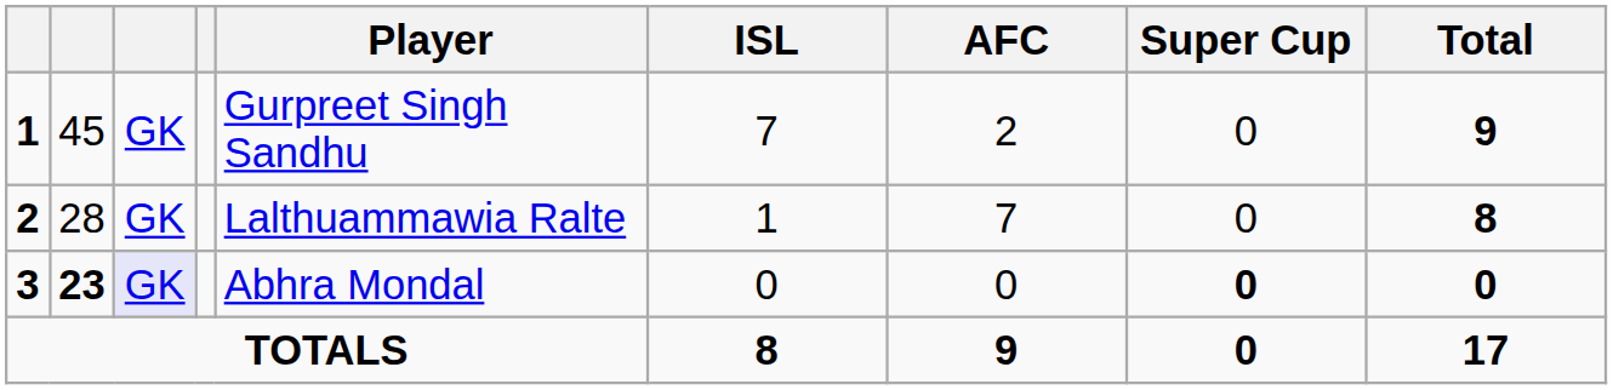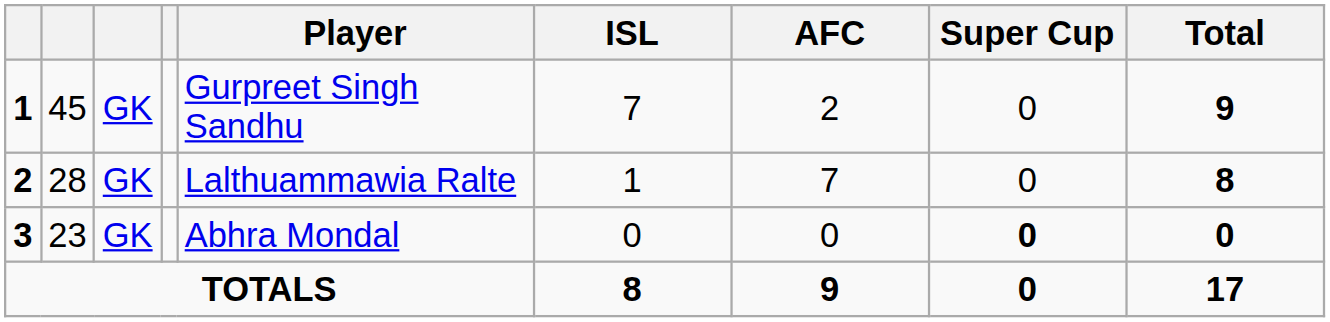 <table class="wikitable" style="font-size: 95%; text-align: center;">
 <tr>
 <th rowspan="1" !width=15></th>
 <th rowspan="1" !width=15></th>
 <th rowspan="1" !width=15></th>
 <th rowspan="1" !width=15></th>
 <th width=150>Player</th>
 <th width=80>ISL</th>
 <th width=80>AFC</th>
 <th width=80>Super Cup</th>
 <th width=80>Total</th>
 </tr>
 <tr>
 <td rowspan=1><strong>1</strong></td>
 <td>45</td>
 <td><a href='#'>GK</a></td>
 <td></td>
 <td align=left><a href='#'>Gurpreet Singh Sandhu</a></td>
 <td>7</td>
 <td>2</td>
 <td>0</td>
 <td><strong>9</strong></td>
 </tr>
 <tr>
 <td rowspan=1><strong>2</strong></td>
 <td>28</td>
 <td><a href='#'>GK</a></td>
 <td></td>
 <td align=left><a href='#'>Lalthuammawia Ralte</a></td>
 <td>1</td>
 <td>7</td>
 <td>0</td>
 <td><strong>8</strong></td>
 </tr>
 <tr>
 <td rowspan=1><strong>3</strong></td>
-<td><strong>23</strong></td>
-<td style="background: lavender;"><a href='#'>GK</a></td>
+<td>23</td>
+<td><a href='#'>GK</a></td>
 <td></td>
 <td align=left><a href='#'>Abhra Mondal</a></td>
 <td>0</td>
 <td>0</td>
 <td><strong>0</strong></td>
 <td><strong>0</strong></td>
 </tr>
 <tr>
 <td colspan="5"><strong>TOTALS</strong></td>
 <td><strong>8</strong></td>
 <td><strong>9</strong></td>
 <td><strong>0</strong></td>
 <td><strong>17</strong></td>
 </tr>
 </table>
